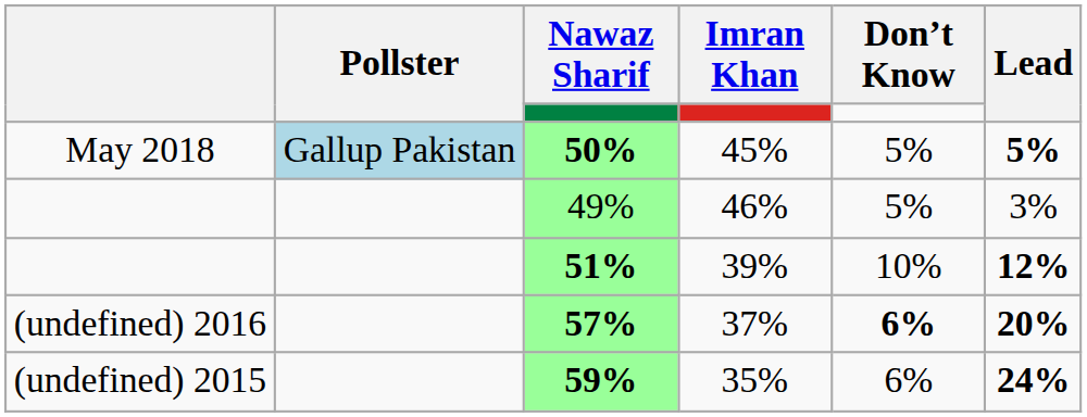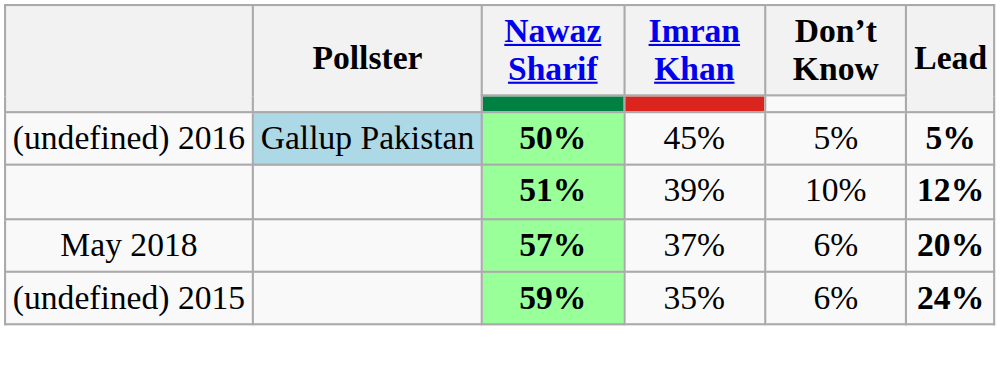 <table class="wikitable sortable" style="text-align:center">
 <tr>
 <th rowspan="2"></th>
 <th rowspan="2">Pollster</th>
 <th style="width:60px;" class="unsortable"><a href='#'>Nawaz Sharif</a></th>
 <th style="width:60px;" class="unsortable"><a href='#'>Imran Khan</a></th>
 <th style="width:60px;" class="unsortable">Don’t Know</th>
 <th class="unsortable" style="width:20px;" rowspan="2">Lead</th>
 </tr>
 <tr>
 <th class="unsortable" style="background:rgb(0, 129, 66); width:60px;"></th>
 <th class="unsortable" style="background:rgb(220, 36, 31); width:60px;"></th>
 </tr>
 <tr>
-<td>May 2018</td>
+<td>(undefined) 2016</td>
 <td style="background: lightblue;">Gallup Pakistan</td>
 <td style="background: rgb(153, 255, 153);"><strong>50%</strong></td>
 <td>45%</td>
 <td>5%</td>
 <td style="background:"><strong>5%</strong></td>
-</tr>
-<tr>
-<td></td>
-<td></td>
-<td style="background: rgb(153, 255, 153);">49%</td>
-<td>46%</td>
-<td>5%</td>
-<td style="background:">3%</td>
 </tr>
 <tr>
 <td></td>
 <td></td>
 <td style="background: rgb(153, 255, 153);"><strong>51%</strong></td>
 <td>39%</td>
 <td>10%</td>
 <td style="background:"><strong>12%</strong></td>
 </tr>
 <tr>
-<td>(undefined) 2016</td>
+<td>May 2018</td>
 <td></td>
 <td style="background: rgb(153, 255, 153);"><strong>57%</strong></td>
 <td>37%</td>
-<td><strong>6%</strong></td>
+<td>6%</td>
 <td style="background:"><strong>20%</strong></td>
 </tr>
 <tr>
 <td>(undefined) 2015</td>
 <td></td>
 <td style="background: rgb(153, 255, 153);"><strong>59%</strong></td>
 <td>35%</td>
 <td>6%</td>
 <td style="background:"><strong>24%</strong></td>
 </tr>
 </table>
